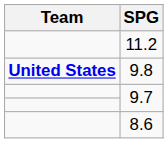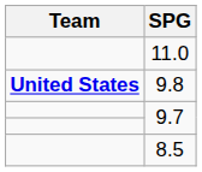 <table class=wikitable>
 <tr>
 <th>Team</th>
 <th>SPG</th>
 </tr>
 <tr>
 <td></td>
-<td align=center>11.2</td>
+<td align=center>11.0</td>
 </tr>
 <tr>
 <td><strong> <a href='#'>United States</a></strong></td>
 <td align=center>9.8</td>
 </tr>
 <tr>
 <td></td>
 <td align=center rowspan=2>9.7</td>
 </tr>
 <tr>
 <td></td>
 </tr>
 <tr>
 <td></td>
-<td align=center>8.6</td>
+<td align=center>8.5</td>
 </tr>
 </table>
